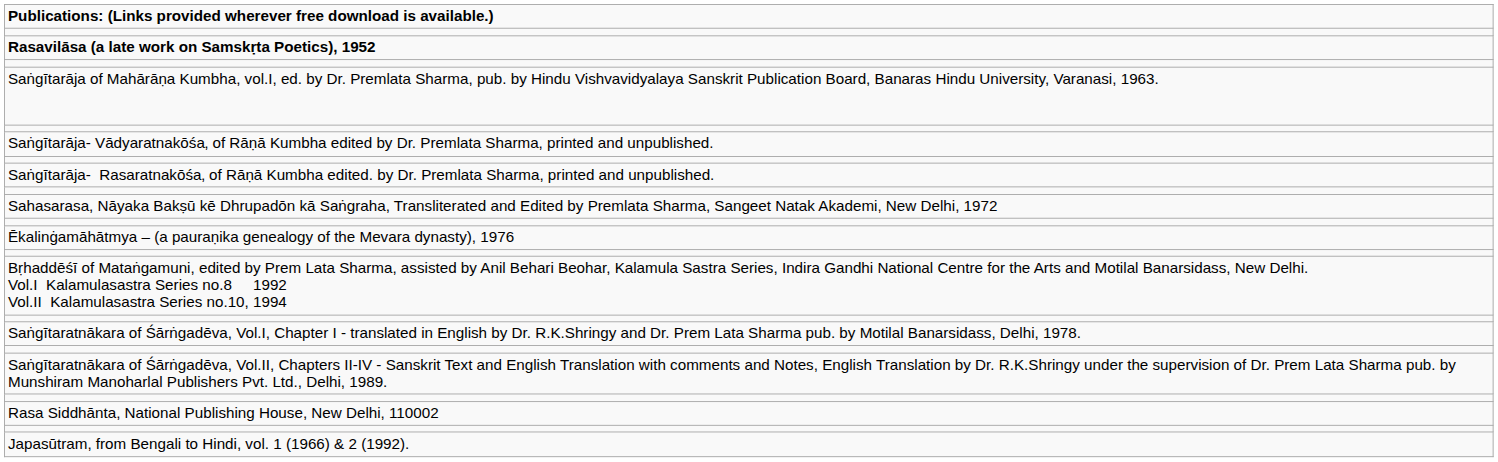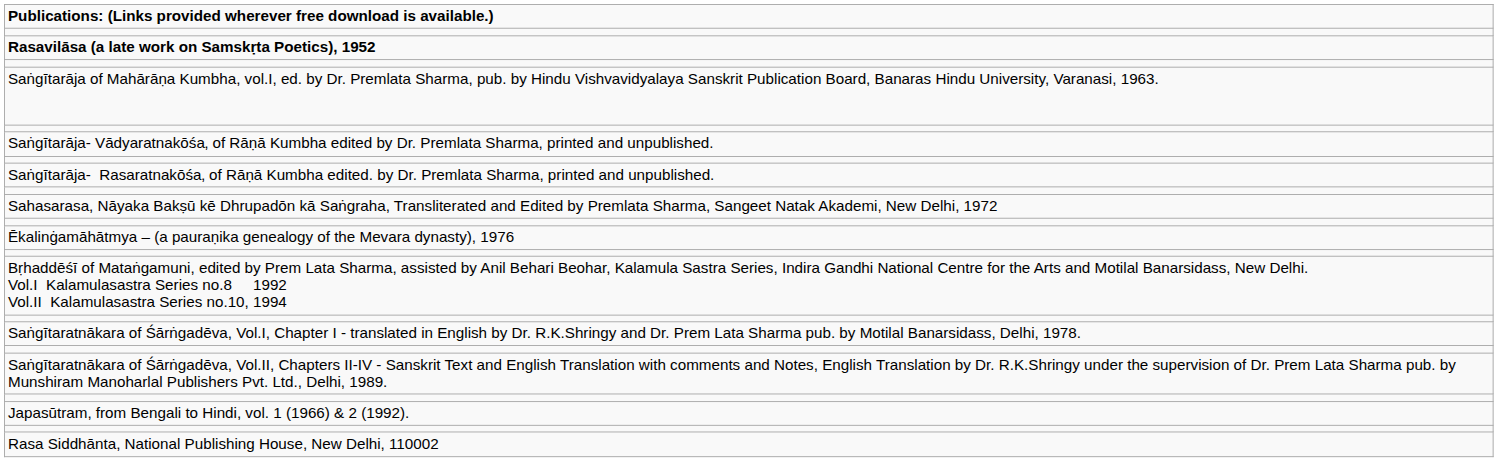 <table class="wikitable">
 <tr>
 <td><strong>Publications: (Links provided wherever free download is available.)</strong></td>
 </tr>
 <tr>
 <td></td>
 </tr>
 <tr>
 <td><strong>Rasavilāsa (a late work on Samskṛta Poetics), 1952</strong></td>
 </tr>
 <tr>
 <td></td>
 </tr>
 <tr>
 <td>Saṅgītarāja of Mahārāṇa Kumbha, vol.I, ed. by Dr. Premlata Sharma, pub. by Hindu Vishvavidyalaya Sanskrit Publication Board, Banaras Hindu University, Varanasi, 1963.<br><br><br></td>
 </tr>
 <tr>
 <td></td>
 </tr>
 <tr>
 <td>Saṅgītarāja-  Vādyaratnakōśa‚ of Rāṇā Kumbha edited by Dr. Premlata Sharma, printed and unpublished.<br></td>
 </tr>
 <tr>
 <td></td>
 </tr>
 <tr>
 <td>Saṅgītarāja-  Rasaratnakōśa‚ of Rāṇā Kumbha edited. by Dr. Premlata Sharma, printed and unpublished.<br></td>
 </tr>
 <tr>
 <td></td>
 </tr>
 <tr>
 <td>Sahasarasa, Nāyaka Bakṣū kē Dhrupadōn kā Saṅgraha, Transliterated and Edited by Premlata Sharma, Sangeet Natak Akademi, New Delhi, 1972<br></td>
 </tr>
 <tr>
 <td></td>
 </tr>
 <tr>
 <td>Ēkalinġamāhātmya – (a pauraṇika genealogy of the Mevara dynasty), 1976</td>
 </tr>
 <tr>
 <td></td>
 </tr>
 <tr>
 <td>Bṛhaddēśī of Mataṅgamuni, edited by Prem Lata Sharma, assisted by Anil Behari Beohar, Kalamula Sastra Series, Indira Gandhi National Centre for the Arts and Motilal Banarsidass, New Delhi.<br>Vol.I  Kalamulasastra Series no.8     1992<br>Vol.II  Kalamulasastra Series no.10, 1994</td>
 </tr>
 <tr>
 <td></td>
 </tr>
 <tr>
 <td>Saṅgītaratnākara of Śārṅgadēva, Vol.I, Chapter I - translated in English by Dr. R.K.Shringy and Dr. Prem Lata Sharma pub. by Motilal Banarsidass, Delhi, 1978.</td>
 </tr>
 <tr>
 <td></td>
 </tr>
 <tr>
 <td>Saṅgītaratnākara of Śārṅgadēva, Vol.II, Chapters II-IV - Sanskrit Text and English Translation with comments and Notes, English Translation by Dr. R.K.Shringy under the supervision of Dr. Prem Lata Sharma pub. by Munshiram Manoharlal Publishers Pvt. Ltd., Delhi, 1989.</td>
 </tr>
 <tr>
 <td></td>
 </tr>
 <tr>
-<td>Rasa Siddhānta, National Publishing House, New Delhi, 110002<br></td>
+<td>Japasūtram, from Bengali to Hindi, vol. 1 (1966) & 2 (1992).</td>
 </tr>
 <tr>
 <td></td>
 </tr>
 <tr>
-<td>Japasūtram, from Bengali to Hindi, vol. 1 (1966) & 2 (1992).</td>
+<td>Rasa Siddhānta, National Publishing House, New Delhi, 110002<br></td>
 </tr>
 </table>
